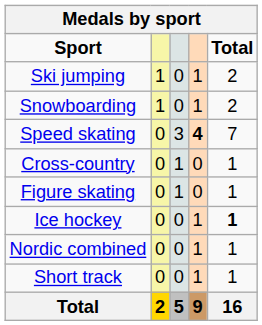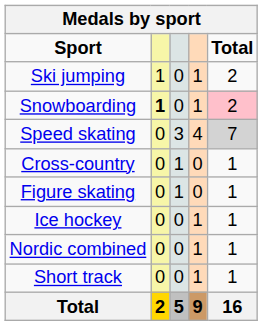 <table class="wikitable" style="font-size:85%; float:right;">
 <tr style="background:#efefef;">
 <th colspan=7><strong>Medals by sport</strong></th>
 </tr>
 <tr align=center>
 <td><strong>Sport</strong></td>
 <td style="background:#f7f6a8;"></td>
 <td style="background:#dce5e5;"></td>
 <td style="background:#ffdab9;"></td>
 <td><strong>Total</strong></td>
 </tr>
 <tr align=center>
 <td><a href='#'>Ski jumping</a></td>
 <td style="background:#f7f6a8;">1</td>
 <td style="background:#dce5e5;">0</td>
 <td style="background:#ffdab9;">1</td>
 <td>2</td>
 </tr>
 <tr align=center>
 <td><a href='#'>Snowboarding</a></td>
-<td style="background:#f7f6a8;">1</td>
+<td style="background:#f7f6a8;"><strong>1</strong></td>
 <td style="background:#dce5e5;">0</td>
 <td style="background:#ffdab9;">1</td>
-<td>2</td>
+<td style="background: pink;">2</td>
 </tr>
 <tr align=center>
 <td><a href='#'>Speed skating</a></td>
 <td style="background:#f7f6a8;">0</td>
 <td style="background:#dce5e5;">3</td>
-<td style="background:#ffdab9;"><strong>4</strong></td>
-<td>7</td>
+<td style="background:#ffdab9;">4</td>
+<td style="background: lightgrey;">7</td>
 </tr>
 <tr align=center>
 <td><a href='#'>Cross-country</a></td>
 <td style="background:#f7f6a8;">0</td>
 <td style="background:#dce5e5;">1</td>
 <td style="background:#ffdab9;">0</td>
 <td>1</td>
 </tr>
 <tr align=center>
 <td><a href='#'>Figure skating</a></td>
 <td style="background:#f7f6a8;">0</td>
 <td style="background:#dce5e5;">1</td>
 <td style="background:#ffdab9;">0</td>
 <td>1</td>
 </tr>
 <tr align=center>
 <td><a href='#'>Ice hockey</a></td>
 <td style="background:#f7f6a8;">0</td>
 <td style="background:#dce5e5;">0</td>
 <td style="background:#ffdab9;">1</td>
-<td><strong>1</strong></td>
+<td>1</td>
 </tr>
 <tr align=center>
 <td><a href='#'>Nordic combined</a></td>
 <td style="background:#f7f6a8;">0</td>
 <td style="background:#dce5e5;">0</td>
 <td style="background:#ffdab9;">1</td>
 <td>1</td>
 </tr>
 <tr align=center>
 <td><a href='#'>Short track</a></td>
 <td style="background:#f7f6a8;">0</td>
 <td style="background:#dce5e5;">0</td>
 <td style="background:#ffdab9;">1</td>
 <td>1</td>
 </tr>
 <tr align=center>
 <th><strong>Total</strong></th>
 <th style="background:gold;"><strong>2</strong></th>
 <th style="background:silver;"><strong>5</strong></th>
 <th style="background:#c96;"><strong>9</strong></th>
 <th><strong>16</strong></th>
 </tr>
 </table>
